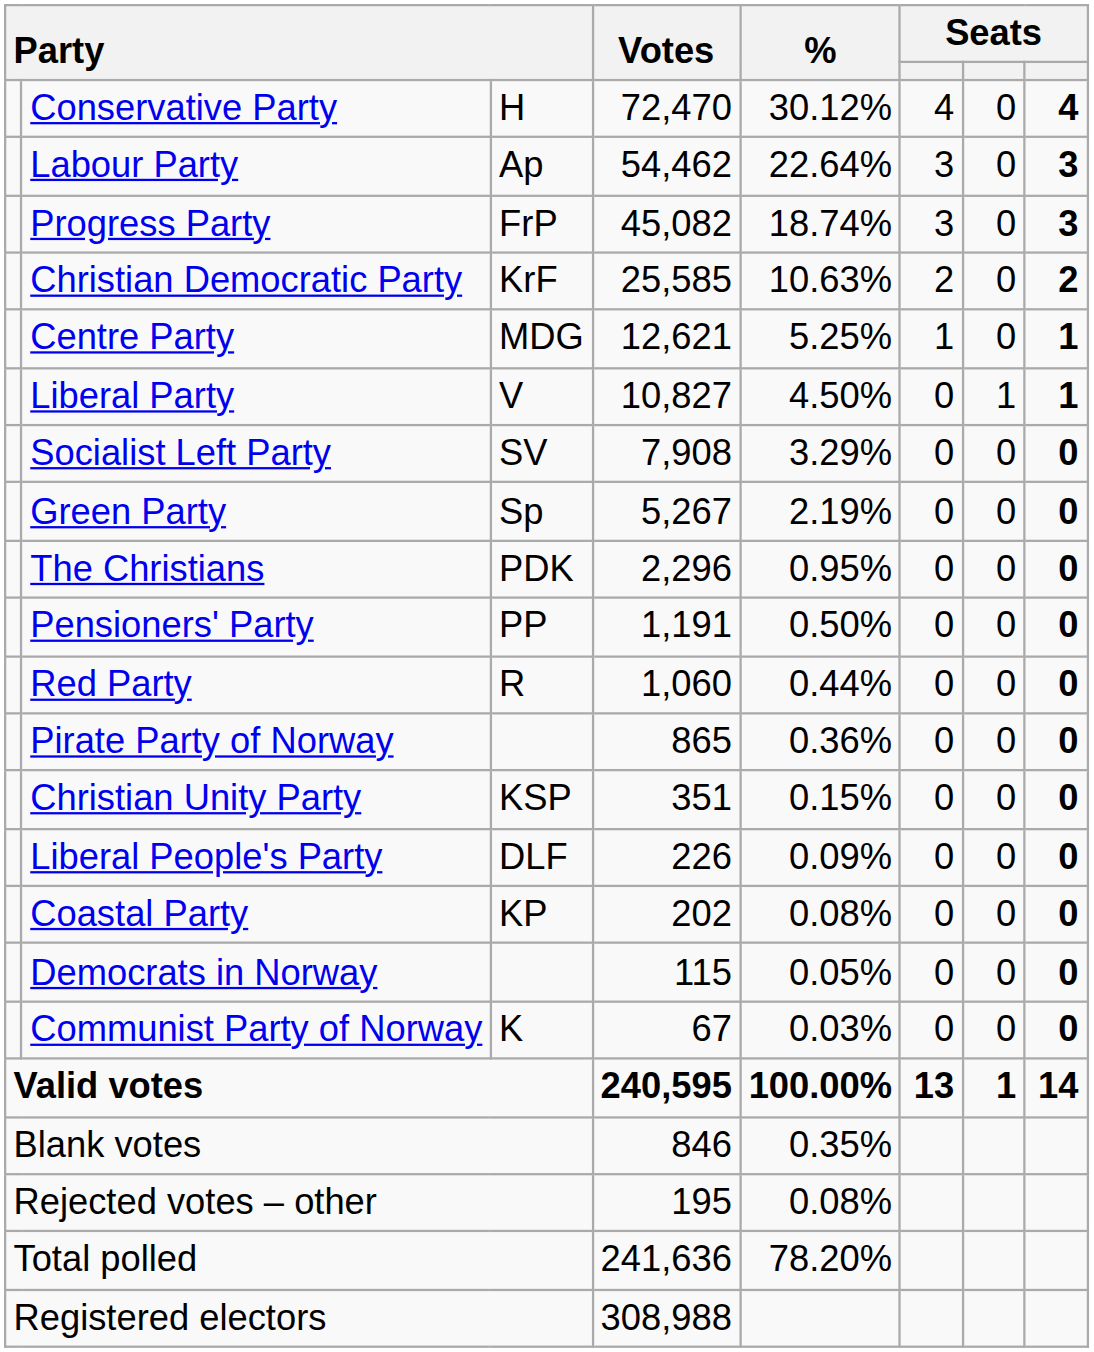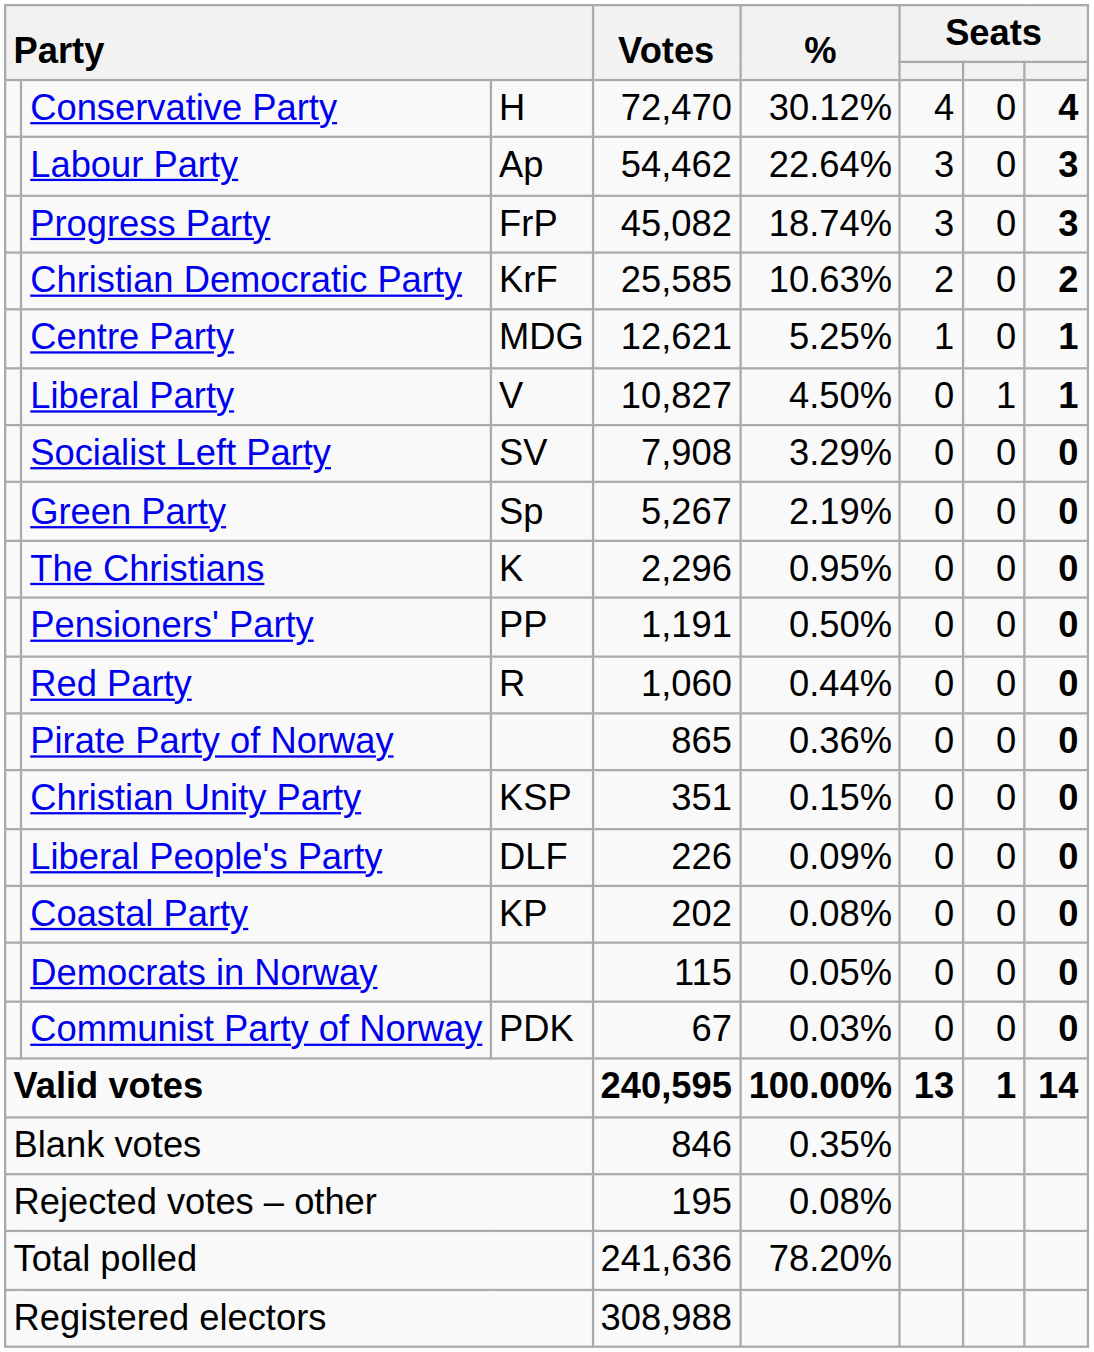 <table class="wikitable" border="1" style="text-align:right;">
 <tr>
 <th style="text-align:left;" valign=bottom rowspan=2 colspan=3>Party</th>
 <th align=center valign=bottom rowspan=2 width="50">Votes</th>
 <th align=center valign=bottom rowspan=2 width="50">%</th>
 <th colspan=3>Seats</th>
 </tr>
 <tr>
 <th align=center valign=bottom width="20"><small></small></th>
 <th align=center valign=bottom width="20"><small><a href='#'></a></small></th>
 <th align=center valign=bottom width="20"><small></small></th>
 </tr>
 <tr>
 <td style="color:inherit;background:"></td>
 <td align=left><a href='#'>Conservative Party</a></td>
 <td align=left>H</td>
 <td>72,470</td>
 <td>30.12%</td>
 <td>4</td>
 <td>0</td>
 <td><strong>4</strong></td>
 </tr>
 <tr>
 <td style="color:inherit;background:"></td>
 <td align=left><a href='#'>Labour Party</a></td>
 <td align=left>Ap</td>
 <td>54,462</td>
 <td>22.64%</td>
 <td>3</td>
 <td>0</td>
 <td><strong>3</strong></td>
 </tr>
 <tr>
 <td style="color:inherit;background:"></td>
 <td align=left><a href='#'>Progress Party</a></td>
 <td align=left>FrP</td>
 <td>45,082</td>
 <td>18.74%</td>
 <td>3</td>
 <td>0</td>
 <td><strong>3</strong></td>
 </tr>
 <tr>
 <td style="color:inherit;background:"></td>
 <td align=left><a href='#'>Christian Democratic Party</a></td>
 <td align=left>KrF</td>
 <td>25,585</td>
 <td>10.63%</td>
 <td>2</td>
 <td>0</td>
 <td><strong>2</strong></td>
 </tr>
 <tr>
 <td style="color:inherit;background:"></td>
 <td align=left><a href='#'>Centre Party</a></td>
 <td align=left>MDG</td>
 <td>12,621</td>
 <td>5.25%</td>
 <td>1</td>
 <td>0</td>
 <td><strong>1</strong></td>
 </tr>
 <tr>
 <td style="color:inherit;background:"></td>
 <td align=left><a href='#'>Liberal Party</a></td>
 <td align=left>V</td>
 <td>10,827</td>
 <td>4.50%</td>
 <td>0</td>
 <td>1</td>
 <td><strong>1</strong></td>
 </tr>
 <tr>
 <td style="color:inherit;background:"></td>
 <td align=left><a href='#'>Socialist Left Party</a></td>
 <td align=left>SV</td>
 <td>7,908</td>
 <td>3.29%</td>
 <td>0</td>
 <td>0</td>
 <td><strong>0</strong></td>
 </tr>
 <tr>
 <td style="color:inherit;background:"></td>
 <td align=left><a href='#'>Green Party</a></td>
 <td align=left>Sp</td>
 <td>5,267</td>
 <td>2.19%</td>
 <td>0</td>
 <td>0</td>
 <td><strong>0</strong></td>
 </tr>
 <tr>
 <td style="color:inherit;background:"></td>
 <td align=left><a href='#'>The Christians</a></td>
-<td align=left>PDK</td>
+<td align=left>K</td>
 <td>2,296</td>
 <td>0.95%</td>
 <td>0</td>
 <td>0</td>
 <td><strong>0</strong></td>
 </tr>
 <tr>
 <td style="color:inherit;background:"></td>
 <td align=left><a href='#'>Pensioners' Party</a></td>
 <td align=left>PP</td>
 <td>1,191</td>
 <td>0.50%</td>
 <td>0</td>
 <td>0</td>
 <td><strong>0</strong></td>
 </tr>
 <tr>
 <td style="color:inherit;background:"></td>
 <td align=left><a href='#'>Red Party</a></td>
 <td align=left>R</td>
 <td>1,060</td>
 <td>0.44%</td>
 <td>0</td>
 <td>0</td>
 <td><strong>0</strong></td>
 </tr>
 <tr>
 <td style="color:inherit;background:"></td>
 <td align=left><a href='#'>Pirate Party of Norway</a></td>
 <td align=left></td>
 <td>865</td>
 <td>0.36%</td>
 <td>0</td>
 <td>0</td>
 <td><strong>0</strong></td>
 </tr>
 <tr>
 <td style="color:inherit;background:"></td>
 <td align=left><a href='#'>Christian Unity Party</a></td>
 <td align=left>KSP</td>
 <td>351</td>
 <td>0.15%</td>
 <td>0</td>
 <td>0</td>
 <td><strong>0</strong></td>
 </tr>
 <tr>
 <td style="color:inherit;background:"></td>
 <td align=left><a href='#'>Liberal People's Party</a></td>
 <td align=left>DLF</td>
 <td>226</td>
 <td>0.09%</td>
 <td>0</td>
 <td>0</td>
 <td><strong>0</strong></td>
 </tr>
 <tr>
 <td style="color:inherit;background:"></td>
 <td align=left><a href='#'>Coastal Party</a></td>
 <td align=left>KP</td>
 <td>202</td>
 <td>0.08%</td>
 <td>0</td>
 <td>0</td>
 <td><strong>0</strong></td>
 </tr>
 <tr>
 <td style="color:inherit;background:"></td>
 <td align=left><a href='#'>Democrats in Norway</a></td>
 <td align=left></td>
 <td>115</td>
 <td>0.05%</td>
 <td>0</td>
 <td>0</td>
 <td><strong>0</strong></td>
 </tr>
 <tr>
 <td style="color:inherit;background:"></td>
 <td align=left><a href='#'>Communist Party of Norway</a></td>
-<td align=left>K</td>
+<td align=left>PDK</td>
 <td>67</td>
 <td>0.03%</td>
 <td>0</td>
 <td>0</td>
 <td><strong>0</strong></td>
 </tr>
 <tr style="font-weight:bold">
 <td align=left colspan=3>Valid votes</td>
 <td>240,595</td>
 <td>100.00%</td>
 <td>13</td>
 <td>1</td>
 <td>14</td>
 </tr>
 <tr>
 <td align=left colspan=3>Blank votes</td>
 <td>846</td>
 <td>0.35%</td>
 <td></td>
 <td></td>
 <td></td>
 </tr>
 <tr>
 <td align=left colspan=3>Rejected votes – other</td>
 <td>195</td>
 <td>0.08%</td>
 <td></td>
 <td></td>
 <td></td>
 </tr>
 <tr>
 <td align=left colspan=3>Total polled</td>
 <td>241,636</td>
 <td>78.20%</td>
 <td></td>
 <td></td>
 <td></td>
 </tr>
 <tr>
 <td align=left colspan=3>Registered electors</td>
 <td>308,988</td>
 <td></td>
 <td></td>
 <td></td>
 <td></td>
 </tr>
 </table>
